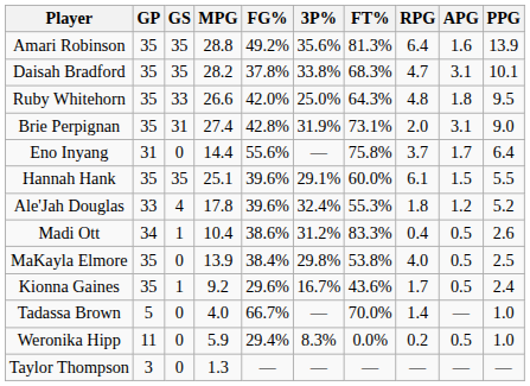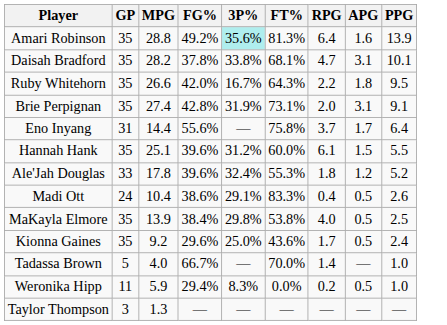 <table class="wikitable sortable" style="text-align:center">
 <tr>
 <th>Player</th>
 <th>GP</th>
-<th>GS</th>
 <th>MPG</th>
 <th>FG%</th>
 <th>3P%</th>
 <th>FT%</th>
 <th>RPG</th>
 <th>APG</th>
 <th>PPG</th>
 </tr>
 <tr>
 <td>Amari Robinson</td>
 <td>35</td>
-<td>35</td>
 <td>28.8</td>
 <td>49.2%</td>
-<td>35.6%</td>
+<td style="background: paleturquoise;">35.6%</td>
 <td>81.3%</td>
 <td>6.4</td>
 <td>1.6</td>
 <td>13.9</td>
 </tr>
 <tr>
 <td>Daisah Bradford</td>
 <td>35</td>
-<td>35</td>
 <td>28.2</td>
 <td>37.8%</td>
 <td>33.8%</td>
-<td>68.3%</td>
+<td>68.1%</td>
 <td>4.7</td>
 <td>3.1</td>
 <td>10.1</td>
 </tr>
 <tr>
 <td>Ruby Whitehorn</td>
 <td>35</td>
-<td>33</td>
 <td>26.6</td>
 <td>42.0%</td>
-<td>25.0%</td>
+<td>16.7%</td>
 <td>64.3%</td>
-<td>4.8</td>
+<td>2.2</td>
 <td>1.8</td>
 <td>9.5</td>
 </tr>
 <tr>
 <td>Brie Perpignan</td>
 <td>35</td>
-<td>31</td>
 <td>27.4</td>
 <td>42.8%</td>
 <td>31.9%</td>
 <td>73.1%</td>
 <td>2.0</td>
 <td>3.1</td>
-<td>9.0</td>
+<td>9.1</td>
 </tr>
 <tr>
 <td>Eno Inyang</td>
 <td>31</td>
-<td>0</td>
 <td>14.4</td>
 <td>55.6%</td>
 <td>—</td>
 <td>75.8%</td>
 <td>3.7</td>
 <td>1.7</td>
 <td>6.4</td>
 </tr>
 <tr>
 <td>Hannah Hank</td>
 <td>35</td>
-<td>35</td>
 <td>25.1</td>
 <td>39.6%</td>
-<td>29.1%</td>
+<td>31.2%</td>
 <td>60.0%</td>
 <td>6.1</td>
 <td>1.5</td>
 <td>5.5</td>
 </tr>
 <tr>
 <td>Ale'Jah Douglas</td>
 <td>33</td>
-<td>4</td>
 <td>17.8</td>
 <td>39.6%</td>
 <td>32.4%</td>
 <td>55.3%</td>
 <td>1.8</td>
 <td>1.2</td>
 <td>5.2</td>
 </tr>
 <tr>
 <td>Madi Ott</td>
-<td>34</td>
-<td>1</td>
+<td>24</td>
 <td>10.4</td>
 <td>38.6%</td>
-<td>31.2%</td>
+<td>29.1%</td>
 <td>83.3%</td>
 <td>0.4</td>
 <td>0.5</td>
 <td>2.6</td>
 </tr>
 <tr>
 <td>MaKayla Elmore</td>
 <td>35</td>
-<td>0</td>
 <td>13.9</td>
 <td>38.4%</td>
 <td>29.8%</td>
 <td>53.8%</td>
 <td>4.0</td>
 <td>0.5</td>
 <td>2.5</td>
 </tr>
 <tr>
 <td>Kionna Gaines</td>
 <td>35</td>
-<td>1</td>
 <td>9.2</td>
 <td>29.6%</td>
-<td>16.7%</td>
+<td>25.0%</td>
 <td>43.6%</td>
 <td>1.7</td>
 <td>0.5</td>
 <td>2.4</td>
 </tr>
 <tr>
 <td>Tadassa Brown</td>
 <td>5</td>
-<td>0</td>
 <td>4.0</td>
 <td>66.7%</td>
 <td>—</td>
 <td>70.0%</td>
 <td>1.4</td>
 <td>—</td>
 <td>1.0</td>
 </tr>
 <tr>
 <td>Weronika Hipp</td>
 <td>11</td>
-<td>0</td>
 <td>5.9</td>
 <td>29.4%</td>
 <td>8.3%</td>
 <td>0.0%</td>
 <td>0.2</td>
 <td>0.5</td>
 <td>1.0</td>
 </tr>
 <tr>
 <td>Taylor Thompson</td>
 <td>3</td>
-<td>0</td>
 <td>1.3</td>
 <td>—</td>
 <td>—</td>
 <td>—</td>
 <td>—</td>
 <td>—</td>
 <td>—</td>
 </tr>
 </table>
